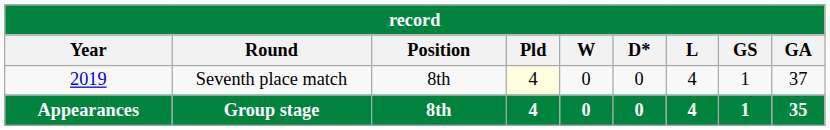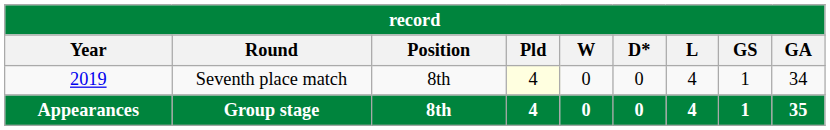 <table class="wikitable" style="text-align: center;font-size:90%;">
 <tr>
 <th colspan="9" style="background: #00843D; color: #FFFFFF;"> <strong><a href='#'></a> record</strong></th>
 </tr>
 <tr>
 <th width=125>Year</th>
 <th width=150>Round</th>
 <th width=100>Position</th>
 <th width=35>Pld</th>
 <th width=35>W</th>
 <th width=35>D*</th>
 <th width=35>L</th>
 <th width=35>GS</th>
 <th width=35>GA</th>
 </tr>
 <tr>
 <td><a href='#'>2019</a></td>
 <td>Seventh place match</td>
 <td>8th</td>
 <td style="background: lightyellow;">4</td>
 <td>0</td>
 <td>0</td>
 <td>4</td>
 <td>1</td>
-<td>37</td>
+<td>34</td>
 </tr>
 <tr>
 <td colspan=1 style="background: #00843D; color: #FFFFFF;"><strong>Appearances</strong></td>
 <td style="background: #00843D; color: #FFFFFF;"><strong>Group stage</strong></td>
 <td style="background: #00843D; color: #FFFFFF;"><strong>8th</strong></td>
 <td style="background: #00843D; color: #FFFFFF;"><strong>4</strong></td>
 <td style="background: #00843D; color: #FFFFFF;"><strong>0</strong></td>
 <td style="background: #00843D; color: #FFFFFF;"><strong>0</strong></td>
 <td style="background: #00843D; color: #FFFFFF;"><strong>4</strong></td>
 <td style="background: #00843D; color: #FFFFFF;"><strong>1</strong></td>
 <td style="background: #00843D; color: #FFFFFF;"><strong>35</strong></td>
 </tr>
 </table>
